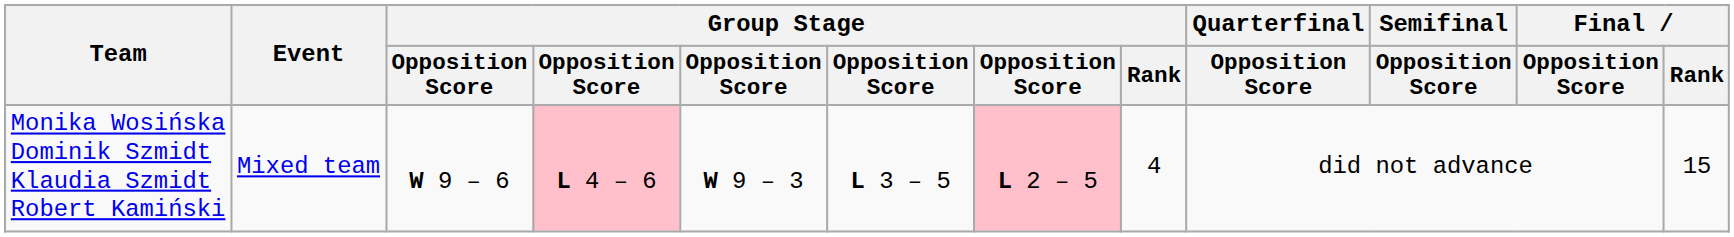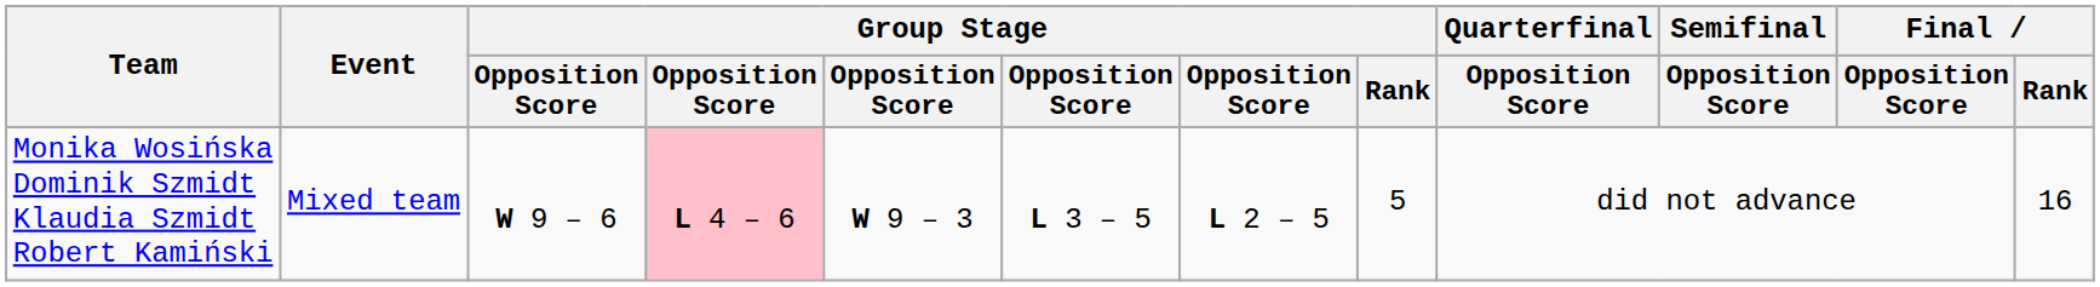 <table class="wikitable" style="font-size:90%">
 <tr>
 <th rowspan=2>Team</th>
 <th rowspan=2>Event</th>
 <th colspan=6>Group Stage</th>
 <th>Quarterfinal</th>
 <th>Semifinal</th>
 <th colspan=2>Final / </th>
 </tr>
 <tr style="font-size:95%">
 <th>Opposition<br>Score</th>
 <th>Opposition<br>Score</th>
 <th>Opposition<br>Score</th>
 <th>Opposition<br>Score</th>
 <th>Opposition<br>Score</th>
 <th>Rank</th>
 <th>Opposition<br>Score</th>
 <th>Opposition<br>Score</th>
 <th>Opposition<br>Score</th>
 <th>Rank</th>
 </tr>
 <tr align=center>
 <td align=left><a href='#'>Monika Wosińska</a><br><a href='#'>Dominik Szmidt</a><br><a href='#'>Klaudia Szmidt</a><br><a href='#'>Robert Kamiński</a></td>
 <td align=left><a href='#'>Mixed team</a></td>
 <td><br><strong>W</strong> 9 – 6</td>
 <td style="background: pink;"><br><strong>L</strong> 4 – 6</td>
 <td><br><strong>W</strong> 9 – 3</td>
 <td><br><strong>L</strong> 3 – 5</td>
-<td style="background: pink;"><br><strong>L</strong> 2 – 5</td>
-<td>4</td>
+<td><br><strong>L</strong> 2 – 5</td>
+<td>5</td>
 <td align=center colspan=3>did not advance</td>
-<td>15</td>
+<td>16</td>
 </tr>
 </table>
